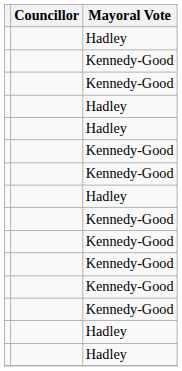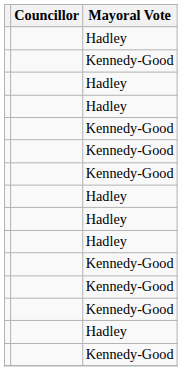 <table class="wikitable sortable">
 <tr>
 <th class="unsortable"></th>
 <th>Councillor</th>
 <th>Mayoral Vote</th>
 </tr>
 <tr>
 <td style="background-color:"></td>
 <td></td>
 <td>Hadley</td>
-</tr>
-<tr>
-<td style="background-color:"></td>
-<td></td>
-<td>Kennedy-Good</td>
 </tr>
 <tr>
 <td style="background-color:"></td>
 <td></td>
 <td>Kennedy-Good</td>
 </tr>
 <tr>
 <td style="background-color:"></td>
 <td></td>
 <td>Hadley</td>
 </tr>
 <tr>
 <td style="background-color:"></td>
 <td></td>
 <td>Hadley</td>
 </tr>
 <tr>
 <td style="background-color:"></td>
 <td></td>
 <td>Kennedy-Good</td>
 </tr>
 <tr>
 <td style="background-color:"></td>
 <td></td>
 <td>Kennedy-Good</td>
 </tr>
 <tr>
 <td style="background-color:"></td>
 <td></td>
+<td>Kennedy-Good</td>
+</tr>
+<tr>
+<td style="background-color:"></td>
+<td></td>
 <td>Hadley</td>
 </tr>
 <tr>
 <td style="background-color:"></td>
 <td></td>
-<td>Kennedy-Good</td>
+<td>Hadley</td>
 </tr>
 <tr>
 <td style="background-color:"></td>
 <td></td>
-<td>Kennedy-Good</td>
+<td>Hadley</td>
 </tr>
 <tr>
 <td style="background-color:"></td>
 <td></td>
 <td>Kennedy-Good</td>
 </tr>
 <tr>
 <td style="background-color:"></td>
 <td></td>
 <td>Kennedy-Good</td>
 </tr>
 <tr>
 <td style="background-color:"></td>
 <td></td>
 <td>Kennedy-Good</td>
 </tr>
 <tr>
 <td style="background-color:"></td>
 <td></td>
 <td>Hadley</td>
 </tr>
 <tr>
 <td style="background-color:"></td>
 <td></td>
-<td>Hadley</td>
+<td>Kennedy-Good</td>
 </tr>
 <tr>
 </tr>
 </table>
